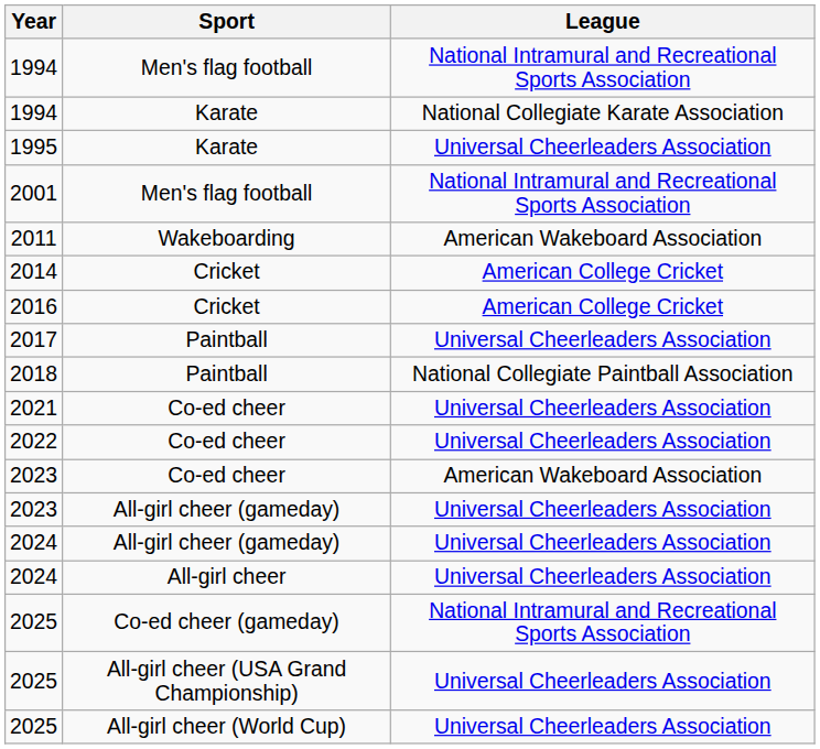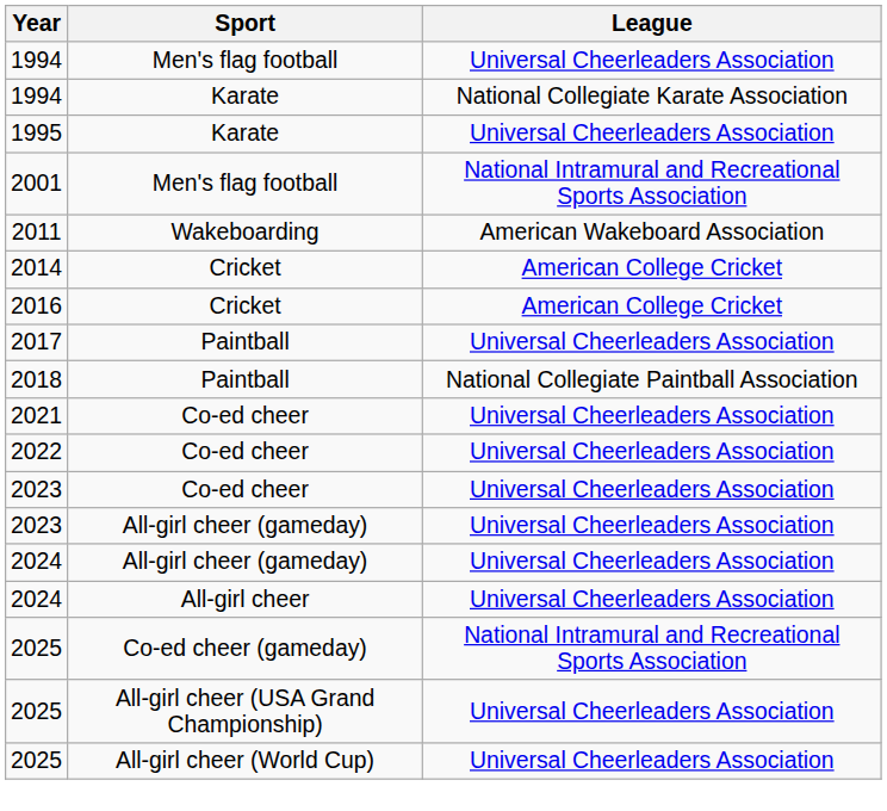 <table class="wikitable sortable" style="text-align:center">
 <tr>
 <th style="text-align:center;">Year</th>
 <th style="text-align:center;">Sport</th>
 <th style="text-align:center;">League</th>
 </tr>
 <tr>
 <td>1994</td>
 <td>Men's flag football</td>
-<td><a href='#'>National Intramural and Recreational Sports Association</a></td>
+<td><a href='#'>Universal Cheerleaders Association</a></td>
 </tr>
 <tr>
 <td>1994</td>
 <td>Karate</td>
 <td>National Collegiate Karate Association</td>
 </tr>
 <tr>
 <td>1995</td>
 <td>Karate</td>
 <td><a href='#'>Universal Cheerleaders Association</a></td>
 </tr>
 <tr>
 <td>2001</td>
 <td>Men's flag football</td>
 <td><a href='#'>National Intramural and Recreational Sports Association</a></td>
 </tr>
 <tr>
 <td>2011</td>
 <td>Wakeboarding</td>
 <td>American Wakeboard Association</td>
 </tr>
 <tr>
 <td>2014</td>
 <td>Cricket</td>
 <td><a href='#'>American College Cricket</a></td>
 </tr>
 <tr>
 <td>2016</td>
 <td>Cricket</td>
 <td><a href='#'>American College Cricket</a></td>
 </tr>
 <tr>
 <td>2017</td>
 <td>Paintball</td>
 <td><a href='#'>Universal Cheerleaders Association</a></td>
 </tr>
 <tr>
 <td>2018</td>
 <td>Paintball</td>
 <td>National Collegiate Paintball Association</td>
 </tr>
 <tr>
 <td>2021</td>
 <td>Co-ed cheer</td>
 <td><a href='#'>Universal Cheerleaders Association</a></td>
 </tr>
 <tr>
 <td>2022</td>
 <td>Co-ed cheer</td>
 <td><a href='#'>Universal Cheerleaders Association</a></td>
 </tr>
 <tr>
 <td>2023</td>
 <td>Co-ed cheer</td>
-<td>American Wakeboard Association</td>
+<td><a href='#'>Universal Cheerleaders Association</a></td>
 </tr>
 <tr>
 <td>2023</td>
 <td>All-girl cheer (gameday)</td>
 <td><a href='#'>Universal Cheerleaders Association</a></td>
 </tr>
 <tr>
 <td>2024</td>
 <td>All-girl cheer (gameday)</td>
 <td><a href='#'>Universal Cheerleaders Association</a></td>
 </tr>
 <tr>
 <td>2024</td>
 <td>All-girl cheer</td>
 <td><a href='#'>Universal Cheerleaders Association</a></td>
 </tr>
 <tr>
 <td>2025</td>
 <td>Co-ed cheer (gameday)</td>
 <td><a href='#'>National Intramural and Recreational Sports Association</a></td>
 </tr>
 <tr>
 <td>2025</td>
 <td>All-girl cheer (USA Grand Championship)</td>
 <td><a href='#'>Universal Cheerleaders Association</a></td>
 </tr>
 <tr>
 <td>2025</td>
 <td>All-girl cheer (World Cup)</td>
 <td><a href='#'>Universal Cheerleaders Association</a></td>
 </tr>
 </table>
